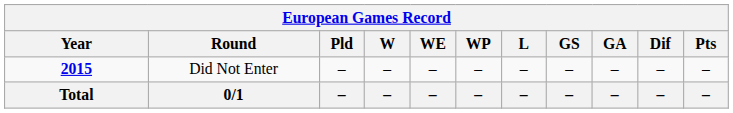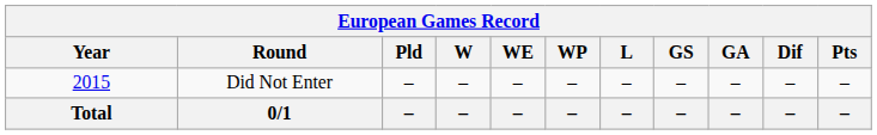 <table class="wikitable" style="text-align: center;font-size:90%;">
 <tr>
 <th colspan=11><a href='#'>European Games Record</a></th>
 </tr>
 <tr>
 <th width=125>Year</th>
 <th width=150>Round</th>
 <th width=35>Pld</th>
 <th width=35>W</th>
 <th width=35>WE</th>
 <th width=35>WP</th>
 <th width=35>L</th>
 <th width=35>GS</th>
 <th width=35>GA</th>
 <th width=35>Dif</th>
 <th width=35>Pts</th>
 </tr>
 <tr>
-<td><strong> <a href='#'>2015</a></strong></td>
+<td> <a href='#'>2015</a></td>
 <td>Did Not Enter</td>
 <td>–</td>
 <td>–</td>
 <td>–</td>
 <td>–</td>
 <td>–</td>
 <td>–</td>
 <td>–</td>
 <td>–</td>
 <td>–</td>
 </tr>
 <tr>
 <th><strong>Total</strong></th>
 <th>0/1</th>
 <th>–</th>
 <th>–</th>
 <th>–</th>
 <th>–</th>
 <th>–</th>
 <th>–</th>
 <th>–</th>
 <th>–</th>
 <th>–</th>
 </tr>
 </table>
